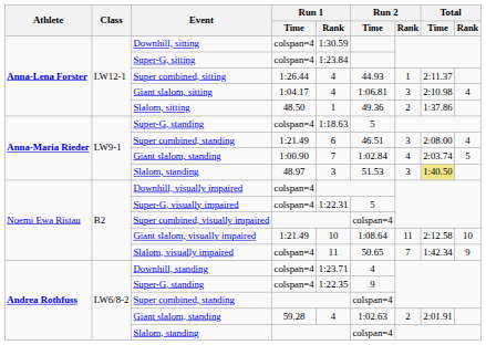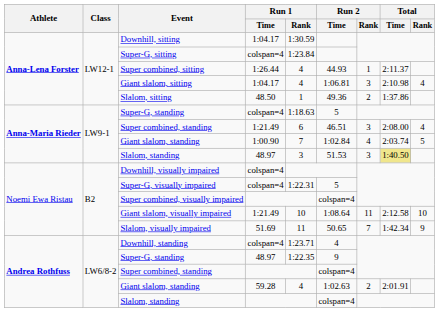 <table class=wikitable style="font-size:90%">
 <tr>
 <th rowspan=2>Athlete</th>
 <th rowspan=2>Class</th>
 <th rowspan=2>Event</th>
 <th colspan=2>Run 1</th>
 <th colspan=2>Run 2</th>
 <th colspan=2>Total</th>
 </tr>
 <tr style="font-size:95%">
 <th>Time</th>
 <th>Rank</th>
 <th>Time</th>
 <th>Rank</th>
 <th>Time</th>
 <th>Rank</th>
 </tr>
 <tr>
 <td rowspan=5><strong><a href='#'>Anna-Lena Forster</a></strong></td>
 <td rowspan=5>LW12-1</td>
 <td><a href='#'>Downhill, sitting</a></td>
-<td>colspan=4 </td>
+<td align="center">1:04.17</td>
 <td align="center">1:30.59</td>
 <td align="center"></td>
 </tr>
 <tr>
 <td><a href='#'>Super-G, sitting</a></td>
 <td>colspan=4 </td>
 <td align="center">1:23.84</td>
 <td align="center"></td>
 </tr>
 <tr>
 <td><a href='#'>Super combined, sitting</a></td>
 <td align="center">1:26.44</td>
 <td align="center">4</td>
 <td align="center">44.93</td>
 <td align="center">1</td>
 <td align="center">2:11.37</td>
 <td align="center"></td>
 </tr>
 <tr>
 <td><a href='#'>Giant slalom, sitting</a></td>
 <td align="center">1:04.17</td>
 <td align="center">4</td>
 <td align="center">1:06.81</td>
 <td align="center">3</td>
 <td align="center">2:10.98</td>
 <td align="center">4</td>
 </tr>
 <tr>
 <td><a href='#'>Slalom, sitting</a></td>
 <td align="center">48.50</td>
 <td align="center">1</td>
 <td align="center">49.36</td>
 <td align="center">2</td>
 <td align="center">1:37.86</td>
 <td align="center"></td>
 </tr>
 <tr>
 <td rowspan=4><strong><a href='#'>Anna-Maria Rieder</a></strong></td>
 <td rowspan=4>LW9-1</td>
 <td><a href='#'>Super-G, standing</a></td>
 <td>colspan=4 </td>
 <td align="center">1:18.63</td>
 <td align="center">5</td>
 </tr>
 <tr>
 <td><a href='#'>Super combined, standing</a></td>
 <td align="center">1:21.49</td>
 <td align="center">6</td>
 <td align="center">46.51</td>
 <td align="center">3</td>
 <td align="center">2:08.00</td>
 <td align="center">4</td>
 </tr>
 <tr>
 <td><a href='#'>Giant slalom, standing</a></td>
 <td align="center">1:00.90</td>
 <td align="center">7</td>
 <td align="center">1:02.84</td>
 <td align="center">4</td>
 <td align="center">2:03.74</td>
 <td align="center">5</td>
 </tr>
 <tr>
 <td><a href='#'>Slalom, standing</a></td>
 <td align="center">48.97</td>
 <td align="center">3</td>
 <td align="center">51.53</td>
 <td align="center">3</td>
 <td align="center" style="background: khaki;">1:40.50</td>
 <td align="center"></td>
 </tr>
 <tr>
 <td rowspan=5><a href='#'>Noemi Ewa Ristau</a><br></td>
 <td rowspan=5>B2</td>
 <td><a href='#'>Downhill, visually impaired</a></td>
 <td>colspan=4 </td>
 <td colspan=2 align="center"></td>
 </tr>
 <tr>
 <td><a href='#'>Super-G, visually impaired</a></td>
 <td>colspan=4 </td>
 <td align="center">1:22.31</td>
 <td align="center">5</td>
 </tr>
 <tr>
 <td><a href='#'>Super combined, visually impaired</a></td>
 <td colspan=2 align="center"></td>
 <td>colspan=4 </td>
 </tr>
 <tr>
 <td><a href='#'>Giant slalom, visually impaired</a></td>
 <td align="center">1:21.49</td>
 <td align="center">10</td>
 <td align="center">1:08.64</td>
 <td align="center">11</td>
 <td align="center">2:12.58</td>
 <td align="center">10</td>
 </tr>
 <tr>
 <td><a href='#'>Slalom, visually impaired</a></td>
-<td>colspan=4 </td>
+<td align="center">51.69</td>
 <td align="center">11</td>
 <td align="center">50.65</td>
 <td align="center">7</td>
 <td align="center">1:42.34</td>
 <td align="center">9</td>
 </tr>
 <tr>
 <td rowspan=5><strong><a href='#'>Andrea Rothfuss</a></strong></td>
 <td rowspan=5>LW6/8-2</td>
 <td><a href='#'>Downhill, standing</a></td>
 <td>colspan=4 </td>
 <td align="center">1:23.71</td>
 <td align="center">4</td>
 </tr>
 <tr>
 <td><a href='#'>Super-G, standing</a></td>
-<td>colspan=4 </td>
+<td align="center">48.97</td>
 <td align="center">1:22.35</td>
 <td align="center">9</td>
 </tr>
 <tr>
 <td><a href='#'>Super combined, standing</a></td>
 <td colspan=2 align="center"></td>
 <td>colspan=4 </td>
 </tr>
 <tr>
 <td><a href='#'>Giant slalom, standing</a></td>
 <td align="center">59.28</td>
 <td align="center">4</td>
 <td align="center">1:02.63</td>
 <td align="center">2</td>
 <td align="center">2:01.91</td>
 <td align="center"></td>
 </tr>
 <tr>
 <td><a href='#'>Slalom, standing</a></td>
 <td colspan=2 align="center"></td>
 <td>colspan=4 </td>
 </tr>
 </table>
